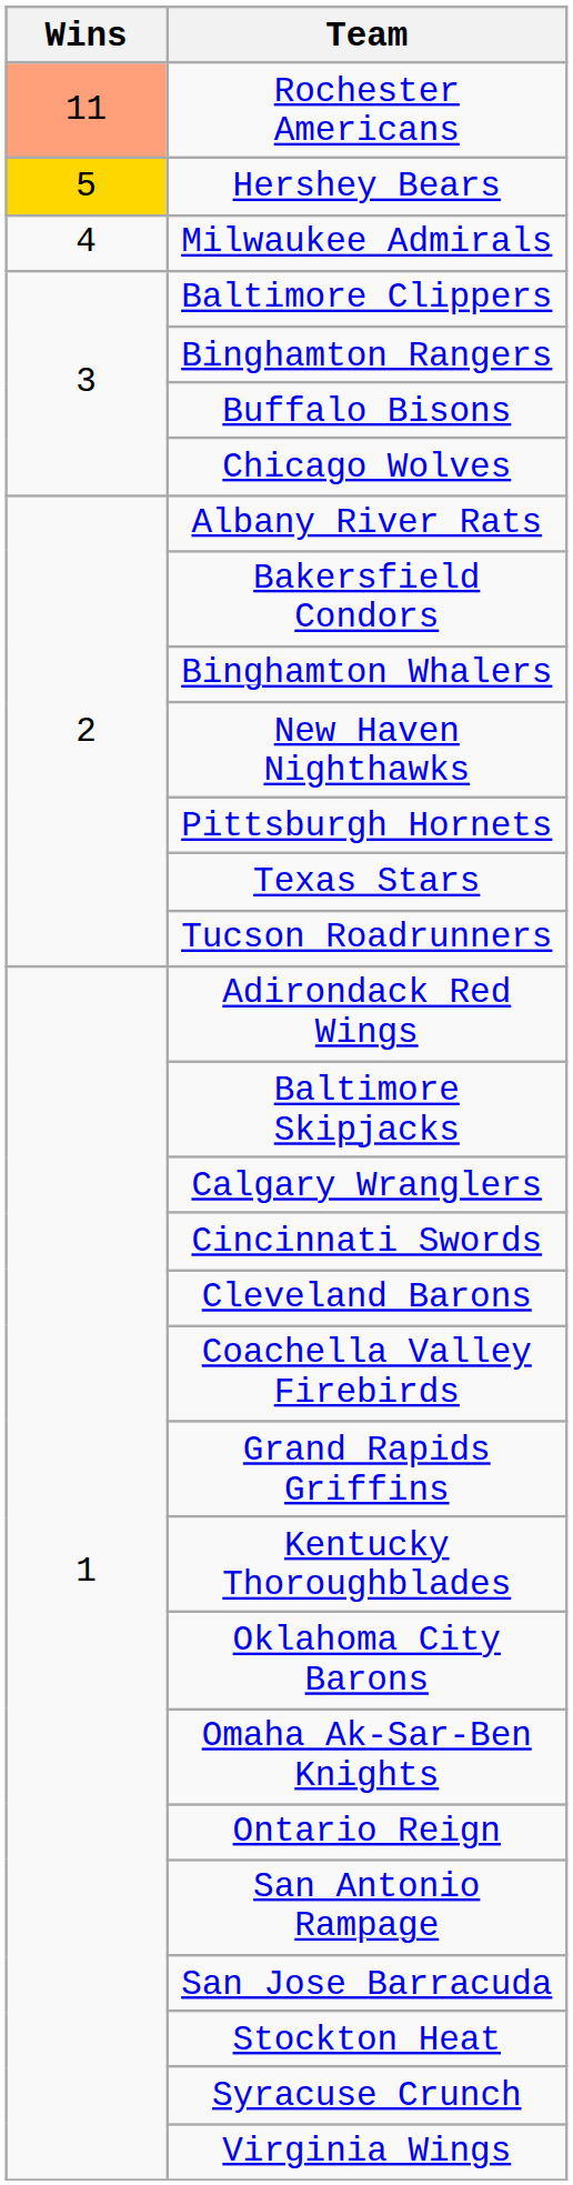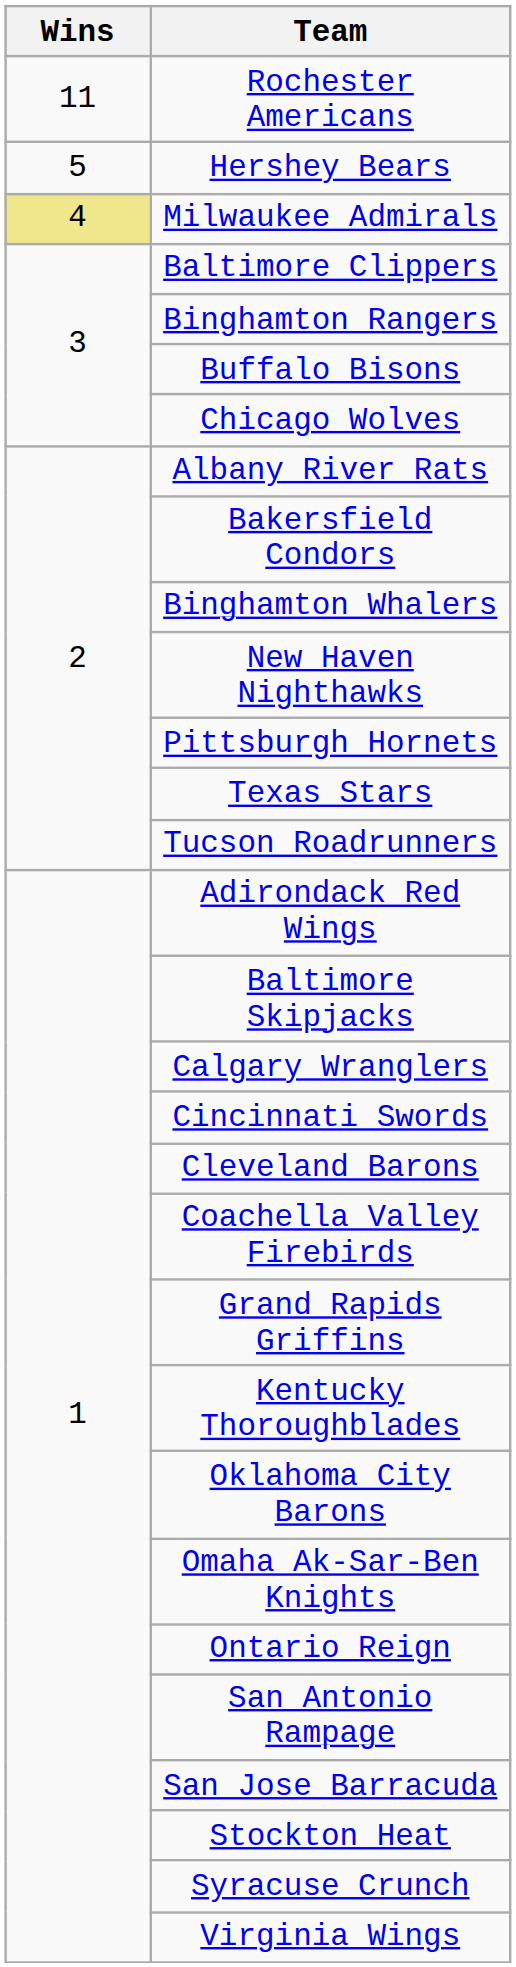 <table class="wikitable" style="text-align:center; margin-left:1em; float:right">
 <tr>
 <th width="55">Wins</th>
 <th align="center" width="145">Team</th>
 </tr>
 <tr>
-<td rowspan=1 style="background: lightsalmon;">11</td>
+<td rowspan=1>11</td>
 <td><a href='#'>Rochester Americans</a></td>
 </tr>
 <tr>
-<td rowspan=1 style="background: gold;">5</td>
+<td rowspan=1>5</td>
 <td><a href='#'>Hershey Bears</a></td>
 </tr>
 <tr>
-<td rowspan=1>4</td>
+<td rowspan=1 style="background: khaki;">4</td>
 <td><a href='#'>Milwaukee Admirals</a></td>
 </tr>
 <tr>
 <td rowspan=4>3</td>
 <td><a href='#'>Baltimore Clippers</a></td>
 </tr>
 <tr>
 <td><a href='#'>Binghamton Rangers</a></td>
 </tr>
 <tr>
 <td><a href='#'>Buffalo Bisons</a></td>
 </tr>
 <tr>
 <td><a href='#'>Chicago Wolves</a></td>
 </tr>
 <tr>
 <td rowspan=7>2</td>
 <td><a href='#'>Albany River Rats</a></td>
 </tr>
 <tr>
 <td><a href='#'>Bakersfield Condors</a></td>
 </tr>
 <tr>
 <td><a href='#'>Binghamton Whalers</a></td>
 </tr>
 <tr>
 <td><a href='#'>New Haven Nighthawks</a></td>
 </tr>
 <tr>
 <td><a href='#'>Pittsburgh Hornets</a></td>
 </tr>
 <tr>
 <td><a href='#'>Texas Stars</a></td>
 </tr>
 <tr>
 <td><a href='#'>Tucson Roadrunners</a></td>
 </tr>
 <tr>
 <td rowspan=16>1</td>
 <td><a href='#'>Adirondack Red Wings</a></td>
 </tr>
 <tr>
 <td><a href='#'>Baltimore Skipjacks</a></td>
 </tr>
 <tr>
 <td><a href='#'>Calgary Wranglers</a></td>
 </tr>
 <tr>
 <td><a href='#'>Cincinnati Swords</a></td>
 </tr>
 <tr>
 <td><a href='#'>Cleveland Barons</a></td>
 </tr>
 <tr>
 <td><a href='#'>Coachella Valley Firebirds</a></td>
 </tr>
 <tr>
 <td><a href='#'>Grand Rapids Griffins</a></td>
 </tr>
 <tr>
 <td><a href='#'>Kentucky Thoroughblades</a></td>
 </tr>
 <tr>
 <td><a href='#'>Oklahoma City Barons</a></td>
 </tr>
 <tr>
 <td><a href='#'>Omaha Ak-Sar-Ben Knights</a></td>
 </tr>
 <tr>
 <td><a href='#'>Ontario Reign</a></td>
 </tr>
 <tr>
 <td><a href='#'>San Antonio Rampage</a></td>
 </tr>
 <tr>
 <td><a href='#'>San Jose Barracuda</a></td>
 </tr>
 <tr>
 <td><a href='#'>Stockton Heat</a></td>
 </tr>
 <tr>
 <td><a href='#'>Syracuse Crunch</a></td>
 </tr>
 <tr>
 <td><a href='#'>Virginia Wings</a></td>
 </tr>
 </table>
